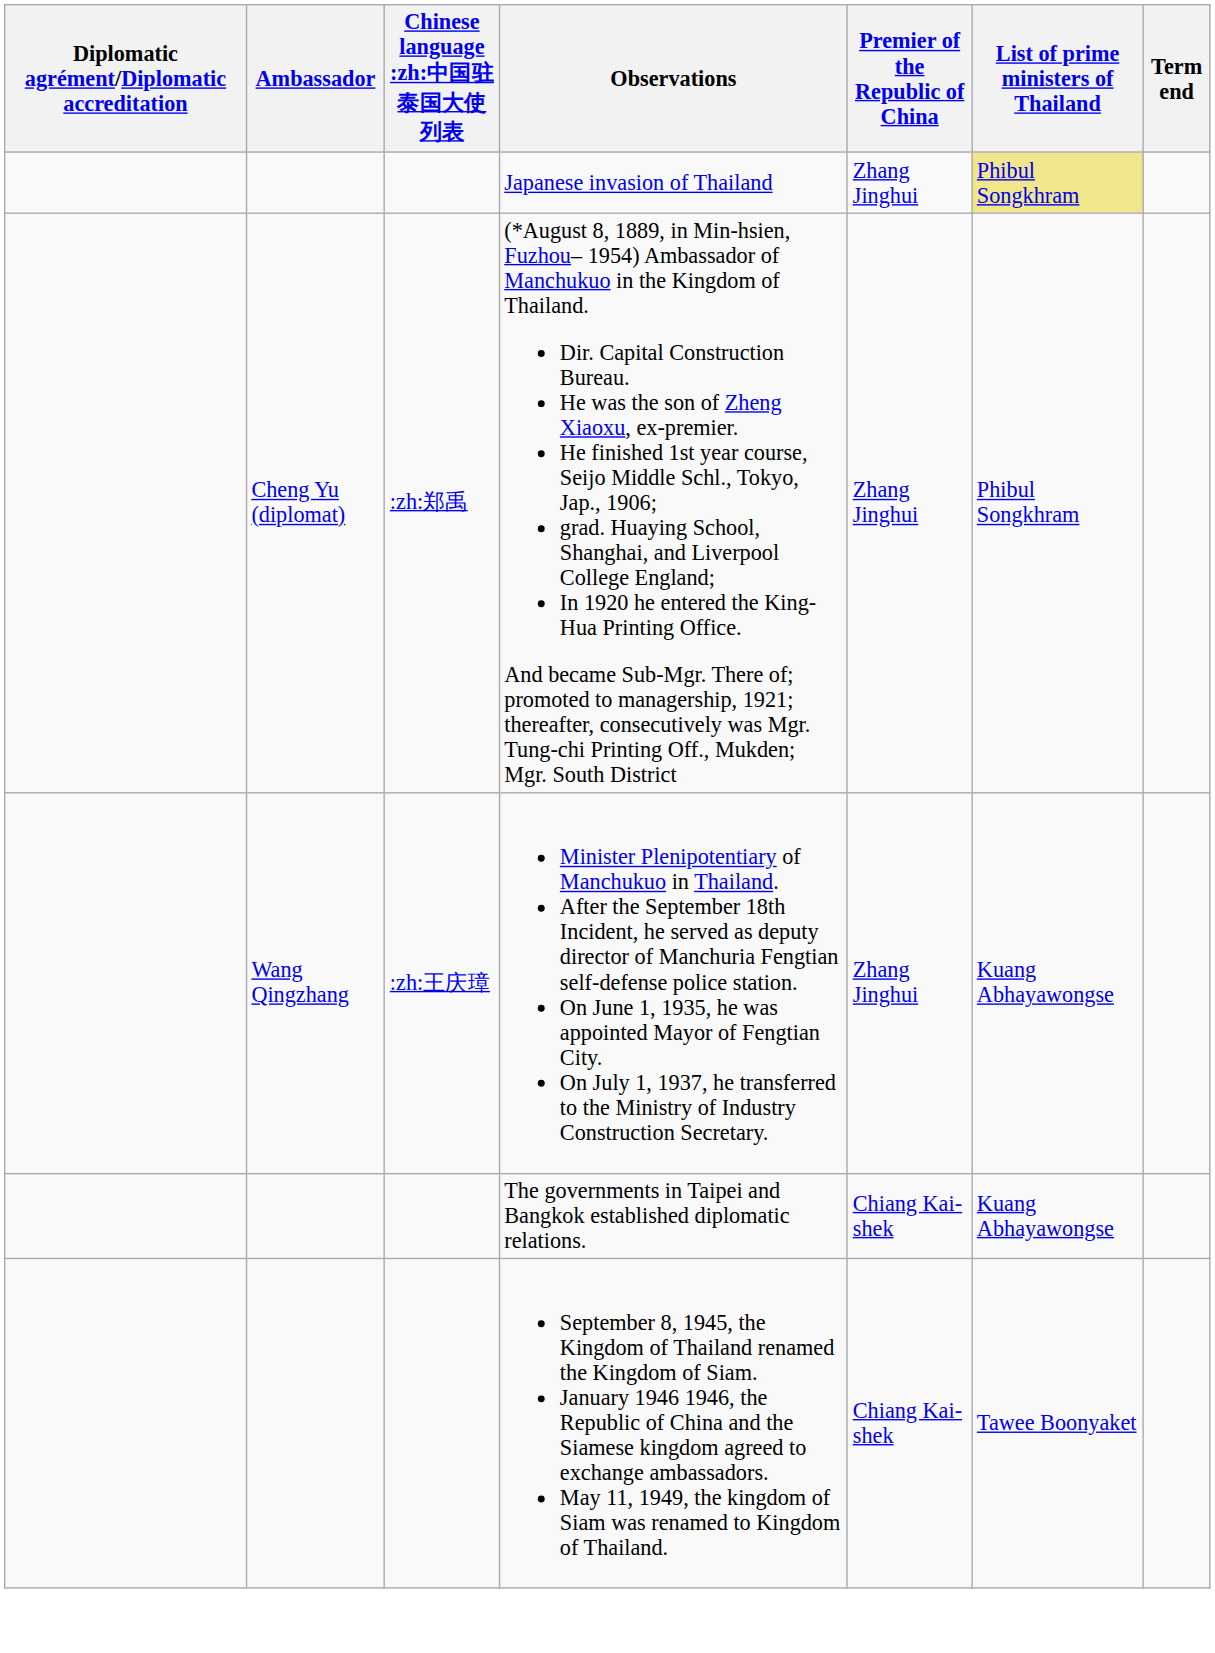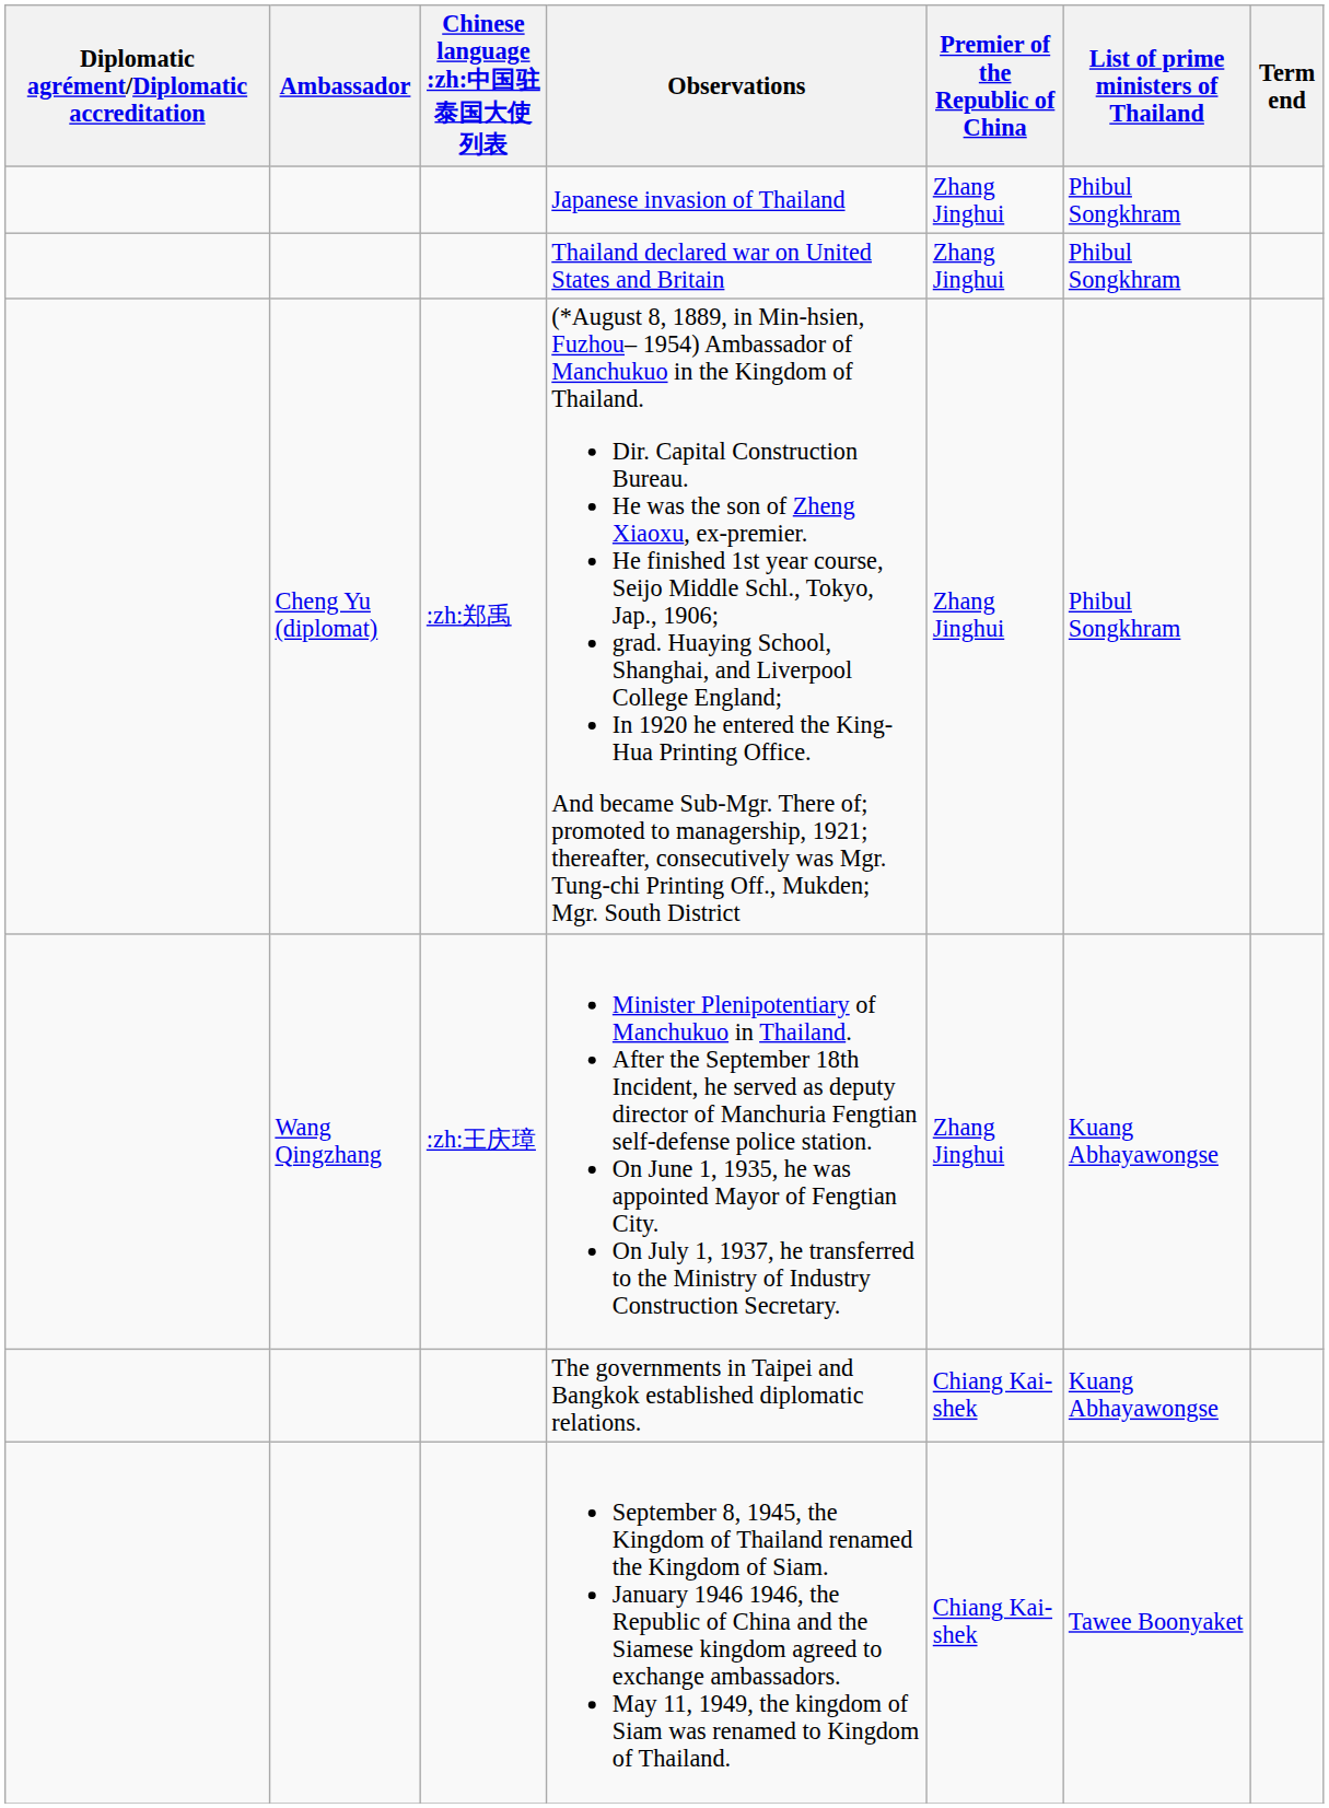 <table class="wikitable sortable">
 <tr>
 <th>Diplomatic <a href='#'>agrément</a>/<a href='#'>Diplomatic accreditation</a></th>
 <th><a href='#'>Ambassador</a></th>
 <th><a href='#'>Chinese language</a><br><a href='#'>:zh:中国驻泰国大使列表</a></th>
 <th>Observations</th>
 <th><a href='#'>Premier of the Republic of China</a></th>
 <th><a href='#'>List of prime ministers of Thailand</a></th>
 <th>Term end</th>
 </tr>
 <tr>
 <td></td>
 <td></td>
 <td></td>
 <td><a href='#'>Japanese invasion of Thailand</a></td>
 <td><a href='#'>Zhang Jinghui</a></td>
-<td style="background: khaki;"><a href='#'>Phibul Songkhram</a></td>
+<td><a href='#'>Phibul Songkhram</a></td>
+<td></td>
+</tr>
+<tr>
+<td></td>
+<td></td>
+<td></td>
+<td><a href='#'>Thailand declared war on United States and Britain</a></td>
+<td><a href='#'>Zhang Jinghui</a></td>
+<td><a href='#'>Phibul Songkhram</a></td>
 <td></td>
 </tr>
 <tr>
 <td></td>
 <td><a href='#'>Cheng Yu (diplomat)</a></td>
 <td><a href='#'>:zh:郑禹</a></td>
 <td>(*August 8, 1889, in Min-hsien, <a href='#'>Fuzhou</a>– 1954) Ambassador of <a href='#'>Manchukuo</a> in the Kingdom of Thailand.<br><ul><li>Dir. Capital Construction Bureau.</li><li>He was the son of <a href='#'>Zheng Xiaoxu</a>, ex-premier.</li><li>He finished 1st year course, Seijo Middle Schl., Tokyo, Jap., 1906;</li><li>grad. Huaying School, Shanghai, and Liverpool College England;</li><li>In 1920 he entered the King-Hua Printing Office.</li></ul>And became Sub-Mgr. There of; promoted to managership, 1921; thereafter, consecutively was Mgr. Tung-chi Printing Off., Mukden; Mgr. South District </td>
 <td><a href='#'>Zhang Jinghui</a></td>
 <td><a href='#'>Phibul Songkhram</a></td>
 <td></td>
 </tr>
 <tr>
 <td></td>
 <td><a href='#'>Wang Qingzhang</a></td>
 <td><a href='#'>:zh:王庆璋</a></td>
 <td><br><ul><li><a href='#'>Minister Plenipotentiary</a> of <a href='#'>Manchukuo</a> in <a href='#'>Thailand</a>.</li><li>After the September 18th Incident, he served as deputy director of Manchuria Fengtian self-defense police station.</li><li>On June 1, 1935, he was appointed Mayor of Fengtian City.</li><li>On July 1, 1937, he transferred to the Ministry of Industry Construction Secretary.</li></ul></td>
 <td><a href='#'>Zhang Jinghui</a></td>
 <td><a href='#'>Kuang Abhayawongse</a></td>
 <td></td>
 </tr>
 <tr>
 <td></td>
 <td></td>
 <td></td>
 <td>The governments in Taipei and Bangkok established diplomatic relations.</td>
 <td><a href='#'>Chiang Kai-shek</a></td>
 <td><a href='#'>Kuang Abhayawongse</a></td>
 <td></td>
 </tr>
 <tr>
 <td></td>
 <td></td>
 <td></td>
 <td><br><ul><li>September 8, 1945, the Kingdom of Thailand renamed the Kingdom of Siam.</li><li>January 1946 1946, the Republic of China and the Siamese kingdom agreed to exchange ambassadors.</li><li>May 11, 1949, the kingdom of Siam was renamed to Kingdom of Thailand.</li></ul></td>
 <td><a href='#'>Chiang Kai-shek</a></td>
 <td><a href='#'>Tawee Boonyaket</a></td>
 <td></td>
 </tr>
 </table>
